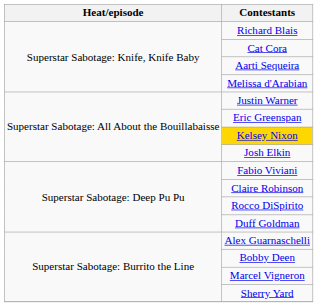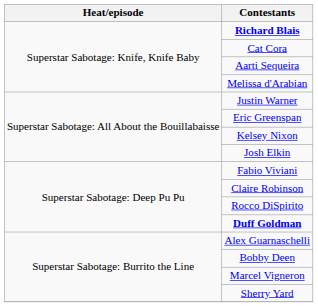 <table class="wikitable" style="text-align:center">
 <tr>
 <th>Heat/episode</th>
 <th>Contestants</th>
 </tr>
 <tr>
 <td rowspan="4">Superstar Sabotage: Knife, Knife Baby</td>
-<td><a href='#'>Richard Blais</a></td>
+<td><strong><a href='#'>Richard Blais</a></strong></td>
 </tr>
 <tr>
 <td><a href='#'>Cat Cora</a></td>
 </tr>
 <tr>
 <td><a href='#'>Aarti Sequeira</a></td>
 </tr>
 <tr>
 <td><a href='#'>Melissa d'Arabian</a></td>
 </tr>
 <tr>
 <td rowspan="4">Superstar Sabotage: All About the Bouillabaisse</td>
 <td><a href='#'>Justin Warner</a></td>
 </tr>
 <tr>
 <td><a href='#'>Eric Greenspan</a></td>
 </tr>
 <tr>
-<td style="background: gold;"><a href='#'>Kelsey Nixon</a></td>
+<td><a href='#'>Kelsey Nixon</a></td>
 </tr>
 <tr>
 <td><a href='#'>Josh Elkin</a></td>
 </tr>
 <tr>
 <td rowspan="4">Superstar Sabotage: Deep Pu Pu</td>
 <td><a href='#'>Fabio Viviani</a></td>
 </tr>
 <tr>
 <td><a href='#'>Claire Robinson</a></td>
 </tr>
 <tr>
 <td><a href='#'>Rocco DiSpirito</a></td>
 </tr>
 <tr>
-<td><a href='#'>Duff Goldman</a></td>
+<td><strong><a href='#'>Duff Goldman</a></strong></td>
 </tr>
 <tr>
 <td rowspan="4">Superstar Sabotage: Burrito the Line</td>
 <td><a href='#'>Alex Guarnaschelli</a></td>
 </tr>
 <tr>
 <td><a href='#'>Bobby Deen</a></td>
 </tr>
 <tr>
 <td><a href='#'>Marcel Vigneron</a></td>
 </tr>
 <tr>
 <td><a href='#'>Sherry Yard</a></td>
 </tr>
 <tr 3>
 </tr>
 </table>
